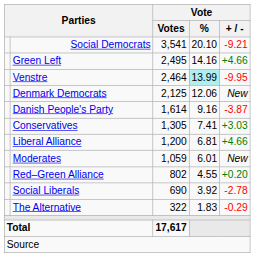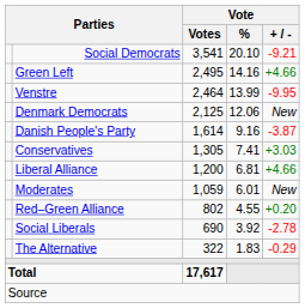 <table class="wikitable" style="text-align:right;">
 <tr>
 <th style="text-align:centre;" rowspan="2" colspan="2" width="225">Parties</th>
 <th colspan="3">Vote</th>
 </tr>
 <tr>
 <th width="15">Votes</th>
 <th width="15">%</th>
 <th width="15">+ / -</th>
 </tr>
 <tr>
 <td width=2 bgcolor=></td>
 <td><a href='#'>Social Democrats</a></td>
 <td>3,541</td>
 <td>20.10</td>
 <td style=color:red;>-9.21</td>
 </tr>
 <tr>
 <td width=2 bgcolor=></td>
 <td align=left><a href='#'>Green Left</a></td>
 <td>2,495</td>
 <td>14.16</td>
 <td style=color:green;>+4.66</td>
 </tr>
 <tr>
 <td width=2 bgcolor=></td>
 <td align=left><a href='#'>Venstre</a></td>
 <td>2,464</td>
-<td style="background: paleturquoise;">13.99</td>
+<td>13.99</td>
 <td style=color:red;>-9.95</td>
 </tr>
 <tr>
 <td width=2 bgcolor=></td>
 <td align=left><a href='#'>Denmark Democrats</a></td>
 <td>2,125</td>
 <td>12.06</td>
 <td><em>New</em></td>
 </tr>
 <tr>
 <td width=2 bgcolor=></td>
 <td align=left><a href='#'>Danish People's Party</a></td>
 <td>1,614</td>
 <td>9.16</td>
 <td style=color:red;>-3.87</td>
 </tr>
 <tr>
 <td width=2 bgcolor=></td>
 <td align=left><a href='#'>Conservatives</a></td>
 <td>1,305</td>
 <td>7.41</td>
 <td style=color:green;>+3.03</td>
 </tr>
 <tr>
 <td width=2 bgcolor=></td>
 <td align=left><a href='#'>Liberal Alliance</a></td>
 <td>1,200</td>
 <td>6.81</td>
 <td style=color:green;>+4.66</td>
 </tr>
 <tr>
 <td width=2 bgcolor=></td>
 <td align=left><a href='#'>Moderates</a></td>
 <td>1,059</td>
 <td>6.01</td>
 <td><em>New</em></td>
 </tr>
 <tr>
 <td width=2 bgcolor=></td>
 <td align=left><a href='#'>Red–Green Alliance</a></td>
 <td>802</td>
 <td>4.55</td>
 <td style=color:green;>+0.20</td>
 </tr>
 <tr>
 <td width=2 bgcolor=></td>
 <td align=left><a href='#'>Social Liberals</a></td>
 <td>690</td>
 <td>3.92</td>
 <td style=color:red;>-2.78</td>
 </tr>
 <tr>
 <td width=2 bgcolor=></td>
 <td align=left><a href='#'>The Alternative</a></td>
 <td>322</td>
 <td>1.83</td>
 <td style=color:red;>-0.29</td>
 </tr>
 <tr>
 <td colspan="7" bgcolor="#E9E9E9"></td>
 </tr>
 <tr>
 <td align="left" colspan="2"><strong>Total</strong></td>
 <td><strong>17,617</strong></td>
 <td bgcolor=#E9E9E9 colspan=2></td>
 </tr>
 <tr>
 <td align="left" colspan="6">Source</td>
 </tr>
 </table>
